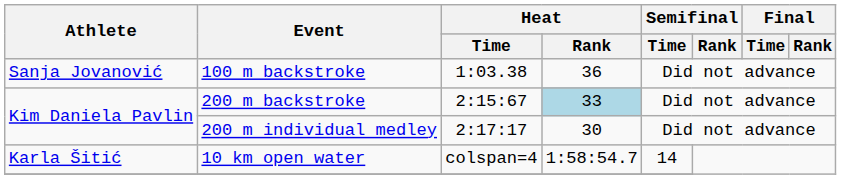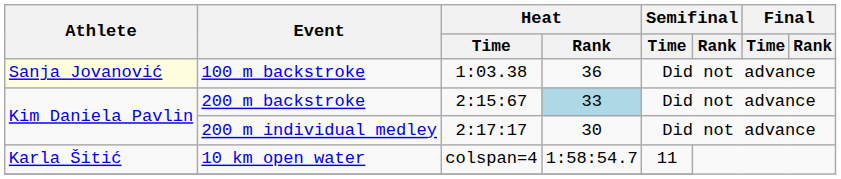 <table class=wikitable style="font-size:90%">
 <tr>
 <th rowspan="2">Athlete</th>
 <th rowspan="2">Event</th>
 <th colspan="2">Heat</th>
 <th colspan="2">Semifinal</th>
 <th colspan="2">Final</th>
 </tr>
 <tr style="font-size:95%">
 <th>Time</th>
 <th>Rank</th>
 <th>Time</th>
 <th>Rank</th>
 <th>Time</th>
 <th>Rank</th>
 </tr>
 <tr align=center>
-<td align=left><a href='#'>Sanja Jovanović</a></td>
+<td align=left style="background: lightyellow;"><a href='#'>Sanja Jovanović</a></td>
 <td align=left><a href='#'>100 m backstroke</a></td>
 <td>1:03.38</td>
 <td>36</td>
 <td colspan=4>Did not advance</td>
 </tr>
 <tr align=center>
 <td align=left rowspan=2><a href='#'>Kim Daniela Pavlin</a></td>
 <td align=left><a href='#'>200 m backstroke</a></td>
 <td>2:15:67</td>
 <td style="background: lightblue;">33</td>
 <td colspan=4>Did not advance</td>
 </tr>
 <tr align=center>
 <td align=left><a href='#'>200 m individual medley</a></td>
 <td>2:17:17</td>
 <td>30</td>
 <td colspan=4>Did not advance</td>
 </tr>
 <tr align=center>
 <td align=left><a href='#'>Karla Šitić</a></td>
 <td align=left><a href='#'>10 km open water</a></td>
 <td>colspan=4 </td>
 <td>1:58:54.7</td>
-<td>14</td>
+<td>11</td>
 </tr>
 <tr>
 </tr>
 </table>
